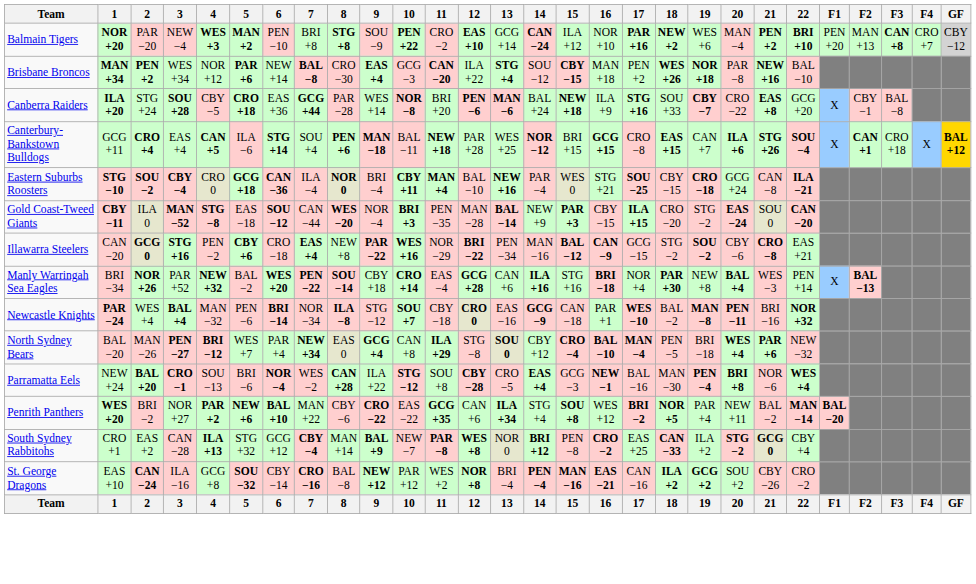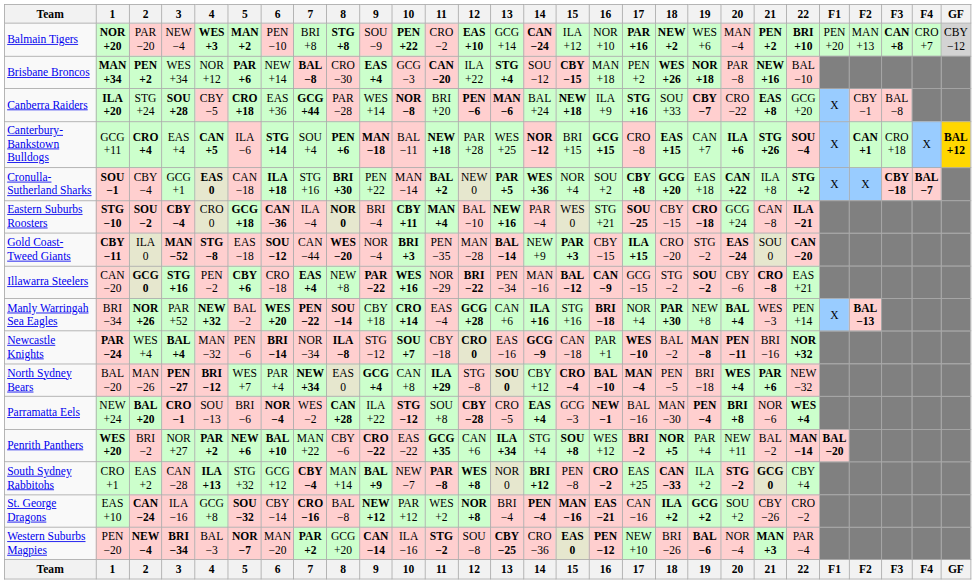 <table class="wikitable sortable" style="font-size:85%; text-align:center; width:90%">
 <tr valign="top">
 <th valign="middle">Team</th>
 <th>1</th>
 <th>2</th>
 <th>3</th>
 <th>4</th>
 <th>5</th>
 <th>6</th>
 <th>7</th>
 <th>8</th>
 <th>9</th>
 <th>10</th>
 <th>11</th>
 <th>12</th>
 <th>13</th>
 <th>14</th>
 <th>15</th>
 <th>16</th>
 <th>17</th>
 <th>18</th>
 <th>19</th>
 <th>20</th>
 <th>21</th>
 <th>22</th>
 <th>F1</th>
 <th>F2</th>
 <th>F3</th>
 <th>F4</th>
 <th>GF</th>
 </tr>
 <tr>
 <td align="left"><a href='#'>Balmain Tigers</a></td>
 <td style="background:#cfc;"><strong>NOR<br>+20</strong></td>
 <td style="background:#FFCFCF;">PAR<br>−20</td>
 <td style="background:#FFCFCF;">NEW<br>−4</td>
 <td style="background:#cfc;"><strong>WES<br>+3</strong></td>
 <td style="background:#cfc;"><strong>MAN<br>+2</strong></td>
 <td style="background:#FFCFCF;">PEN<br>−10</td>
 <td style="background:#cfc;">BRI<br>+8</td>
 <td style="background:#cfc;"><strong>STG<br>+8</strong></td>
 <td style="background:#FFCFCF;">SOU<br>−9</td>
 <td style="background:#cfc;"><strong>PEN<br>+22</strong></td>
 <td style="background:#FFCFCF;">CRO<br>−2</td>
 <td style="background:#cfc;"><strong>EAS<br>+10</strong></td>
 <td style="background:#cfc;">GCG<br>+14</td>
 <td style="background:#FFCFCF;"><strong>CAN<br>−24</strong></td>
 <td style="background:#cfc;">ILA<br>+12</td>
 <td style="background:#cfc;">NOR<br>+10</td>
 <td style="background:#cfc;"><strong>PAR<br>+16</strong></td>
 <td style="background:#cfc;"><strong>NEW<br>+2</strong></td>
 <td style="background:#cfc;">WES<br>+6</td>
 <td style="background:#FFCFCF;">MAN<br>−4</td>
 <td style="background:#cfc;"><strong>PEN<br>+2</strong></td>
 <td style="background:#cfc;"><strong>BRI<br>+10</strong></td>
 <td style="background:#cfc;">PEN<br>+20</td>
 <td style="background:#cfc;">MAN<br>+13</td>
 <td style="background:#cfc;"><strong>CAN<br>+8</strong></td>
 <td style="background:#cfc;">CRO<br>+7</td>
 <td style="background:#D3D3D3;">CBY<br>−12</td>
 </tr>
 <tr>
 <td align="left"><a href='#'>Brisbane Broncos</a></td>
 <td style="background:#cfc;"><strong>MAN<br>+34</strong></td>
 <td style="background:#cfc;"><strong>PEN<br>+2</strong></td>
 <td style="background:#cfc;">WES<br>+34</td>
 <td style="background:#cfc;">NOR<br>+12</td>
 <td style="background:#cfc;"><strong>PAR<br>+6</strong></td>
 <td style="background:#cfc;">NEW<br>+14</td>
 <td style="background:#FFCFCF;"><strong>BAL<br>−8</strong></td>
 <td style="background:#FFCFCF;">CRO<br>−30</td>
 <td style="background:#cfc;"><strong>EAS<br>+4</strong></td>
 <td style="background:#FFCFCF;">GCG<br>−3</td>
 <td style="background:#FFCFCF;"><strong>CAN<br>−20</strong></td>
 <td style="background:#cfc;">ILA<br>+22</td>
 <td style="background:#cfc;"><strong>STG<br>+4</strong></td>
 <td style="background:#FFCFCF;">SOU<br>−12</td>
 <td style="background:#FFCFCF;"><strong>CBY<br>−15</strong></td>
 <td style="background:#cfc;">MAN<br>+18</td>
 <td style="background:#cfc;">PEN<br>+2</td>
 <td style="background:#cfc;"><strong>WES<br>+26</strong></td>
 <td style="background:#cfc;"><strong>NOR<br>+18</strong></td>
 <td style="background:#FFCFCF;">PAR<br>−8</td>
 <td style="background:#cfc;"><strong>NEW<br>+16</strong></td>
 <td style="background:#FFCFCF;">BAL<br>−10</td>
 <td style="background:#808080;"></td>
 <td style="background:#808080;"></td>
 <td style="background:#808080;"></td>
 <td style="background:#808080;"></td>
 <td style="background:#808080;"></td>
 </tr>
 <tr>
 <td align="left"><a href='#'>Canberra Raiders</a></td>
 <td style="background:#cfc;"><strong>ILA<br>+20</strong></td>
 <td style="background:#cfc;">STG<br>+24</td>
 <td style="background:#cfc;"><strong>SOU<br>+28</strong></td>
 <td style="background:#FFCFCF;">CBY<br>−5</td>
 <td style="background:#cfc;"><strong>CRO<br>+18</strong></td>
 <td style="background:#cfc;">EAS<br>+36</td>
 <td style="background:#cfc;"><strong>GCG<br>+44</strong></td>
 <td style="background:#FFCFCF;">PAR<br>−28</td>
 <td style="background:#cfc;">WES<br>+14</td>
 <td style="background:#FFCFCF;"><strong>NOR<br>−8</strong></td>
 <td style="background:#cfc;">BRI<br>+20</td>
 <td style="background:#FFCFCF;"><strong>PEN<br>−6</strong></td>
 <td style="background:#FFCFCF;"><strong>MAN<br>−6</strong></td>
 <td style="background:#cfc;">BAL<br>+24</td>
 <td style="background:#cfc;"><strong>NEW<br>+18</strong></td>
 <td style="background:#cfc;">ILA<br>+9</td>
 <td style="background:#cfc;"><strong>STG<br>+16</strong></td>
 <td style="background:#cfc;">SOU<br>+33</td>
 <td style="background:#FFCFCF;"><strong>CBY<br>−7</strong></td>
 <td style="background:#FFCFCF;">CRO<br>−22</td>
 <td style="background:#cfc;"><strong>EAS<br>+8</strong></td>
 <td style="background:#cfc;">GCG<br>+20</td>
 <td style="background:#99ccff;">X</td>
 <td style="background:#FFCFCF;">CBY<br>−1</td>
 <td style="background:#FFCFCF;">BAL<br>−8</td>
 <td style="background:#808080;"></td>
 <td style="background:#808080;"></td>
 </tr>
 <tr>
 <td align="left"><a href='#'>Canterbury-Bankstown Bulldogs</a></td>
 <td style="background:#cfc;">GCG<br>+11</td>
 <td style="background:#cfc;"><strong>CRO<br>+4</strong></td>
 <td style="background:#cfc;">EAS<br>+4</td>
 <td style="background:#cfc;"><strong>CAN<br>+5</strong></td>
 <td style="background:#FFCFCF;">ILA<br>−6</td>
 <td style="background:#cfc;"><strong>STG<br>+14</strong></td>
 <td style="background:#cfc;">SOU<br>+4</td>
 <td style="background:#cfc;"><strong>PEN<br>+6</strong></td>
 <td style="background:#FFCFCF;"><strong>MAN<br>−18</strong></td>
 <td style="background:#FFCFCF;">BAL<br>−11</td>
 <td style="background:#cfc;"><strong>NEW<br>+18</strong></td>
 <td style="background:#cfc;">PAR<br>+28</td>
 <td style="background:#cfc;">WES<br>+25</td>
 <td style="background:#FFCFCF;"><strong>NOR<br>−12</strong></td>
 <td style="background:#cfc;">BRI<br>+15</td>
 <td style="background:#cfc;"><strong>GCG<br>+15</strong></td>
 <td style="background:#FFCFCF;">CRO<br>−8</td>
 <td style="background:#cfc;"><strong>EAS<br>+15</strong></td>
 <td style="background:#cfc;">CAN<br>+7</td>
 <td style="background:#cfc;"><strong>ILA<br>+6</strong></td>
 <td style="background:#cfc;"><strong>STG<br>+26</strong></td>
 <td style="background:#FFCFCF;"><strong>SOU<br>−4</strong></td>
 <td style="background:#99ccff;">X</td>
 <td style="background:#cfc;"><strong>CAN<br>+1</strong></td>
 <td style="background:#cfc;">CRO<br>+18</td>
 <td style="background:#99ccff;">X</td>
 <td style="background:#FFD700;"><strong>BAL<br>+12</strong></td>
+</tr>
+<tr>
+<td align="left"><a href='#'>Cronulla-Sutherland Sharks</a></td>
+<td style="background:#FFCFCF;"><strong>SOU<br>−1</strong></td>
+<td style="background:#FFCFCF;">CBY<br>−4</td>
+<td style="background:#cfc;">GCG<br>+1</td>
+<td style="background:#E6E7CE"><strong>EAS<br>0</strong></td>
+<td style="background:#FFCFCF;">CAN<br>−18</td>
+<td style="background:#cfc;"><strong>ILA<br>+18</strong></td>
+<td style="background:#cfc;">STG<br>+16</td>
+<td style="background:#cfc;"><strong>BRI<br>+30</strong></td>
+<td style="background:#cfc;">PEN<br>+22</td>
+<td style="background:#FFCFCF;">MAN<br>−14</td>
+<td style="background:#cfc;"><strong>BAL<br>+2</strong></td>
+<td style="background:#E6E7CE">NEW<br>0</td>
+<td style="background:#cfc;"><strong>PAR<br>+5</strong></td>
+<td style="background:#cfc;"><strong>WES<br>+36</strong></td>
+<td style="background:#cfc;">NOR<br>+4</td>
+<td style="background:#cfc;">SOU<br>+2</td>
+<td style="background:#cfc;"><strong>CBY<br>+8</strong></td>
+<td style="background:#cfc;"><strong>GCG<br>+20</strong></td>
+<td style="background:#cfc;">EAS<br>+18</td>
+<td style="background:#cfc;"><strong>CAN<br>+22</strong></td>
+<td style="background:#cfc;">ILA<br>+8</td>
+<td style="background:#cfc;"><strong>STG<br>+2</strong></td>
+<td style="background:#99ccff;">X</td>
+<td style="background:#99ccff;">X</td>
+<td style="background:#FFCFCF;"><strong>CBY<br>−18</strong></td>
+<td style="background:#FFCFCF;"><strong>BAL<br>−7</strong></td>
+<td style="background:#808080;"></td>
 </tr>
 <tr>
 <td align="left"><a href='#'>Eastern Suburbs Roosters</a></td>
 <td style="background:#FFCFCF;"><strong>STG<br>−10</strong></td>
 <td style="background:#FFCFCF;"><strong>SOU<br>−2</strong></td>
 <td style="background:#FFCFCF;"><strong>CBY<br>−4</strong></td>
 <td style="background:#E6E7CE">CRO<br>0</td>
 <td style="background:#cfc;"><strong>GCG<br>+18</strong></td>
 <td style="background:#FFCFCF;"><strong>CAN<br>−36</strong></td>
 <td style="background:#FFCFCF;">ILA<br>−4</td>
 <td style="background:#E6E7CE"><strong>NOR<br>0</strong></td>
 <td style="background:#FFCFCF;">BRI<br>−4</td>
 <td style="background:#cfc;"><strong>CBY<br>+11</strong></td>
 <td style="background:#cfc;"><strong>MAN<br>+4</strong></td>
 <td style="background:#FFCFCF;">BAL<br>−10</td>
 <td style="background:#cfc;"><strong>NEW<br>+16</strong></td>
 <td style="background:#FFCFCF;">PAR<br>−4</td>
 <td style="background:#E6E7CE">WES<br>0</td>
 <td style="background:#cfc;">STG<br>+21</td>
 <td style="background:#FFCFCF;"><strong>SOU<br>−25</strong></td>
 <td style="background:#FFCFCF;">CBY<br>−15</td>
 <td style="background:#FFCFCF;"><strong>CRO<br>−18</strong></td>
 <td style="background:#cfc;">GCG<br>+24</td>
 <td style="background:#FFCFCF;">CAN<br>−8</td>
 <td style="background:#FFCFCF;"><strong>ILA<br>−21</strong></td>
 <td style="background:#808080;"></td>
 <td style="background:#808080;"></td>
 <td style="background:#808080;"></td>
 <td style="background:#808080;"></td>
 <td style="background:#808080;"></td>
 </tr>
 <tr>
 <td align="left"><a href='#'>Gold Coast-Tweed Giants</a></td>
 <td style="background:#FFCFCF;"><strong>CBY<br>−11</strong></td>
 <td style="background:#E6E7CE">ILA<br>0</td>
 <td style="background:#FFCFCF;"><strong>MAN<br>−52</strong></td>
 <td style="background:#FFCFCF;"><strong>STG<br>−8</strong></td>
 <td style="background:#FFCFCF;">EAS<br>−18</td>
 <td style="background:#FFCFCF;"><strong>SOU<br>−12</strong></td>
 <td style="background:#FFCFCF;">CAN<br>−44</td>
 <td style="background:#FFCFCF;"><strong>WES<br>−20</strong></td>
 <td style="background:#FFCFCF;">NOR<br>−4</td>
 <td style="background:#cfc;"><strong>BRI<br>+3</strong></td>
 <td style="background:#FFCFCF;">PEN<br>−35</td>
 <td style="background:#FFCFCF;">MAN<br>−28</td>
 <td style="background:#FFCFCF;"><strong>BAL<br>−14</strong></td>
 <td style="background:#cfc;">NEW<br>+9</td>
 <td style="background:#cfc;"><strong>PAR<br>+3</strong></td>
 <td style="background:#FFCFCF;">CBY<br>−15</td>
 <td style="background:#cfc;"><strong>ILA<br>+15</strong></td>
 <td style="background:#FFCFCF;">CRO<br>−20</td>
 <td style="background:#FFCFCF;">STG<br>−2</td>
 <td style="background:#FFCFCF;"><strong>EAS<br>−24</strong></td>
 <td style="background:#E6E7CE">SOU<br>0</td>
 <td style="background:#FFCFCF;"><strong>CAN<br>−20</strong></td>
 <td style="background:#808080;"></td>
 <td style="background:#808080;"></td>
 <td style="background:#808080;"></td>
 <td style="background:#808080;"></td>
 <td style="background:#808080;"></td>
 </tr>
 <tr>
 <td align="left"><a href='#'>Illawarra Steelers</a></td>
 <td style="background:#FFCFCF;">CAN<br>−20</td>
 <td style="background:#E6E7CE"><strong>GCG<br>0</strong></td>
 <td style="background:#cfc;"><strong>STG<br>+16</strong></td>
 <td style="background:#FFCFCF;">PEN<br>−2</td>
 <td style="background:#cfc;"><strong>CBY<br>+6</strong></td>
 <td style="background:#FFCFCF;">CRO<br>−18</td>
 <td style="background:#cfc;"><strong>EAS<br>+4</strong></td>
 <td style="background:#cfc;">NEW<br>+8</td>
 <td style="background:#FFCFCF;"><strong>PAR<br>−22</strong></td>
 <td style="background:#cfc;"><strong>WES<br>+16</strong></td>
 <td style="background:#FFCFCF;">NOR<br>−29</td>
 <td style="background:#FFCFCF;"><strong>BRI<br>−22</strong></td>
 <td style="background:#FFCFCF;">PEN<br>−34</td>
 <td style="background:#FFCFCF;">MAN<br>−16</td>
 <td style="background:#FFCFCF;"><strong>BAL<br>−12</strong></td>
 <td style="background:#FFCFCF;"><strong>CAN<br>−9</strong></td>
 <td style="background:#FFCFCF;">GCG<br>−15</td>
 <td style="background:#FFCFCF;">STG<br>−2</td>
 <td style="background:#FFCFCF;"><strong>SOU<br>−2</strong></td>
 <td style="background:#FFCFCF;">CBY<br>−6</td>
 <td style="background:#FFCFCF;"><strong>CRO<br>−8</strong></td>
 <td style="background:#cfc;">EAS<br>+21</td>
 <td style="background:#808080;"></td>
 <td style="background:#808080;"></td>
 <td style="background:#808080;"></td>
 <td style="background:#808080;"></td>
 <td style="background:#808080;"></td>
 </tr>
 <tr>
 <td align="left"><a href='#'>Manly Warringah Sea Eagles</a></td>
 <td style="background:#FFCFCF;">BRI<br>−34</td>
 <td style="background:#cfc;"><strong>NOR<br>+26</strong></td>
 <td style="background:#cfc;">PAR<br>+52</td>
 <td style="background:#cfc;"><strong>NEW<br>+32</strong></td>
 <td style="background:#FFCFCF;">BAL<br>−2</td>
 <td style="background:#cfc;"><strong>WES<br>+20</strong></td>
 <td style="background:#FFCFCF;"><strong>PEN<br>−22</strong></td>
 <td style="background:#FFCFCF;"><strong>SOU<br>−14</strong></td>
 <td style="background:#cfc;">CBY<br>+18</td>
 <td style="background:#cfc;"><strong>CRO<br>+14</strong></td>
 <td style="background:#FFCFCF;">EAS<br>−4</td>
 <td style="background:#cfc;"><strong>GCG<br>+28</strong></td>
 <td style="background:#cfc;">CAN<br>+6</td>
 <td style="background:#cfc;"><strong>ILA<br>+16</strong></td>
 <td style="background:#cfc;">STG<br>+16</td>
 <td style="background:#FFCFCF;"><strong>BRI<br>−18</strong></td>
 <td style="background:#cfc;">NOR<br>+4</td>
 <td style="background:#cfc;"><strong>PAR<br>+30</strong></td>
 <td style="background:#cfc;">NEW<br>+8</td>
 <td style="background:#cfc;"><strong>BAL<br>+4</strong></td>
 <td style="background:#FFCFCF;">WES<br>−3</td>
 <td style="background:#cfc;">PEN<br>+14</td>
 <td style="background:#99ccff;">X</td>
 <td style="background:#FFCFCF;"><strong>BAL<br>−13</strong></td>
 <td style="background:#808080;"></td>
 <td style="background:#808080;"></td>
 <td style="background:#808080;"></td>
 </tr>
 <tr>
 <td align="left"><a href='#'>Newcastle Knights</a></td>
 <td style="background:#FFCFCF;"><strong>PAR<br>−24</strong></td>
 <td style="background:#cfc;">WES<br>+4</td>
 <td style="background:#cfc;"><strong>BAL<br>+4</strong></td>
 <td style="background:#FFCFCF;">MAN<br>−32</td>
 <td style="background:#FFCFCF;">PEN<br>−6</td>
 <td style="background:#FFCFCF;"><strong>BRI<br>−14</strong></td>
 <td style="background:#FFCFCF;">NOR<br>−34</td>
 <td style="background:#FFCFCF;"><strong>ILA<br>−8</strong></td>
 <td style="background:#FFCFCF;">STG<br>−12</td>
 <td style="background:#cfc;"><strong>SOU<br>+7</strong></td>
 <td style="background:#FFCFCF;">CBY<br>−18</td>
 <td style="background:#E6E7CE"><strong>CRO<br>0</strong></td>
 <td style="background:#FFCFCF;">EAS<br>−16</td>
 <td style="background:#FFCFCF;"><strong>GCG<br>−9</strong></td>
 <td style="background:#FFCFCF;">CAN<br>−18</td>
 <td style="background:#cfc;">PAR<br>+1</td>
 <td style="background:#FFCFCF;"><strong>WES<br>−10</strong></td>
 <td style="background:#FFCFCF;">BAL<br>−2</td>
 <td style="background:#FFCFCF;"><strong>MAN<br>−8</strong></td>
 <td style="background:#FFCFCF;"><strong>PEN<br>−11</strong></td>
 <td style="background:#FFCFCF;">BRI<br>−16</td>
 <td style="background:#cfc;"><strong>NOR<br>+32</strong></td>
 <td style="background:#808080;"></td>
 <td style="background:#808080;"></td>
 <td style="background:#808080;"></td>
 <td style="background:#808080;"></td>
 <td style="background:#808080;"></td>
 </tr>
 <tr>
 <td align="left"><a href='#'>North Sydney Bears</a></td>
 <td style="background:#FFCFCF;">BAL<br>−20</td>
 <td style="background:#FFCFCF;">MAN<br>−26</td>
 <td style="background:#FFCFCF;"><strong>PEN<br>−27</strong></td>
 <td style="background:#FFCFCF;"><strong>BRI<br>−12</strong></td>
 <td style="background:#cfc;">WES<br>+7</td>
 <td style="background:#cfc;">PAR<br>+4</td>
 <td style="background:#cfc;"><strong>NEW<br>+34</strong></td>
 <td style="background:#E6E7CE">EAS<br>0</td>
 <td style="background:#cfc;"><strong>GCG<br>+4</strong></td>
 <td style="background:#cfc;">CAN<br>+8</td>
 <td style="background:#cfc;"><strong>ILA<br>+29</strong></td>
 <td style="background:#FFCFCF;">STG<br>−8</td>
 <td style="background:#E6E7CE"><strong>SOU<br>0</strong></td>
 <td style="background:#cfc;">CBY<br>+12</td>
 <td style="background:#FFCFCF;"><strong>CRO<br>−4</strong></td>
 <td style="background:#FFCFCF;"><strong>BAL<br>−10</strong></td>
 <td style="background:#FFCFCF;"><strong>MAN<br>−4</strong></td>
 <td style="background:#FFCFCF;">PEN<br>−5</td>
 <td style="background:#FFCFCF;">BRI<br>−18</td>
 <td style="background:#cfc;"><strong>WES<br>+4</strong></td>
 <td style="background:#cfc;"><strong>PAR<br>+6</strong></td>
 <td style="background:#FFCFCF;">NEW<br>−32</td>
 <td style="background:#808080;"></td>
 <td style="background:#808080;"></td>
 <td style="background:#808080;"></td>
 <td style="background:#808080;"></td>
 <td style="background:#808080;"></td>
 </tr>
 <tr>
 <td align="left"><a href='#'>Parramatta Eels</a></td>
 <td style="background:#cfc;">NEW<br>+24</td>
 <td style="background:#cfc;"><strong>BAL<br>+20</strong></td>
 <td style="background:#FFCFCF;"><strong>CRO<br>−1</strong></td>
 <td style="background:#FFCFCF;">SOU<br>−13</td>
 <td style="background:#FFCFCF;">BRI<br>−6</td>
 <td style="background:#FFCFCF;"><strong>NOR<br>−4</strong></td>
 <td style="background:#FFCFCF;">WES<br>−2</td>
 <td style="background:#cfc;"><strong>CAN<br>+28</strong></td>
 <td style="background:#cfc;">ILA<br>+22</td>
 <td style="background:#FFCFCF;"><strong>STG<br>−12</strong></td>
 <td style="background:#cfc;">SOU<br>+8</td>
 <td style="background:#FFCFCF;"><strong>CBY<br>−28</strong></td>
 <td style="background:#FFCFCF;">CRO<br>−5</td>
 <td style="background:#cfc;"><strong>EAS<br>+4</strong></td>
 <td style="background:#FFCFCF;">GCG<br>−3</td>
 <td style="background:#FFCFCF;"><strong>NEW<br>−1</strong></td>
 <td style="background:#FFCFCF;">BAL<br>−16</td>
 <td style="background:#FFCFCF;">MAN<br>−30</td>
 <td style="background:#FFCFCF;"><strong>PEN<br>−4</strong></td>
 <td style="background:#cfc;"><strong>BRI<br>+8</strong></td>
 <td style="background:#FFCFCF;">NOR<br>−6</td>
 <td style="background:#cfc;"><strong>WES<br>+4</strong></td>
 <td style="background:#808080;"></td>
 <td style="background:#808080;"></td>
 <td style="background:#808080;"></td>
 <td style="background:#808080;"></td>
 <td style="background:#808080;"></td>
 </tr>
 <tr>
 <td align="left"><a href='#'>Penrith Panthers</a></td>
 <td style="background:#cfc;"><strong>WES<br>+20</strong></td>
 <td style="background:#FFCFCF;">BRI<br>−2</td>
 <td style="background:#cfc;">NOR<br>+27</td>
 <td style="background:#cfc;"><strong>PAR<br>+2</strong></td>
 <td style="background:#cfc;"><strong>NEW<br>+6</strong></td>
 <td style="background:#cfc;"><strong>BAL<br>+10</strong></td>
 <td style="background:#cfc;">MAN<br>+22</td>
 <td style="background:#FFCFCF;">CBY<br>−6</td>
 <td style="background:#FFCFCF;"><strong>CRO<br>−22</strong></td>
 <td style="background:#FFCFCF;">EAS<br>−22</td>
 <td style="background:#cfc;"><strong>GCG<br>+35</strong></td>
 <td style="background:#cfc;">CAN<br>+6</td>
 <td style="background:#cfc;"><strong>ILA<br>+34</strong></td>
 <td style="background:#cfc;">STG<br>+4</td>
 <td style="background:#cfc;"><strong>SOU<br>+8</strong></td>
 <td style="background:#cfc;">WES<br>+12</td>
 <td style="background:#FFCFCF;"><strong>BRI<br>−2</strong></td>
 <td style="background:#cfc;"><strong>NOR<br>+5</strong></td>
 <td style="background:#cfc;">PAR<br>+4</td>
 <td style="background:#cfc;">NEW<br>+11</td>
 <td style="background:#FFCFCF;">BAL<br>−2</td>
 <td style="background:#FFCFCF;"><strong>MAN<br>−14</strong></td>
 <td style="background:#FFCFCF;"><strong>BAL<br>−20</strong></td>
 <td style="background:#808080;"></td>
 <td style="background:#808080;"></td>
 <td style="background:#808080;"></td>
 <td style="background:#808080;"></td>
 </tr>
 <tr>
 <td align="left"><a href='#'>South Sydney Rabbitohs</a></td>
 <td style="background:#cfc;">CRO<br>+1</td>
 <td style="background:#cfc;">EAS<br>+2</td>
 <td style="background:#FFCFCF;">CAN<br>−28</td>
 <td style="background:#cfc;"><strong>ILA<br>+13</strong></td>
 <td style="background:#cfc;">STG<br>+32</td>
 <td style="background:#cfc;">GCG<br>+12</td>
 <td style="background:#FFCFCF;"><strong>CBY<br>−4</strong></td>
 <td style="background:#cfc;">MAN<br>+14</td>
 <td style="background:#cfc;"><strong>BAL<br>+9</strong></td>
 <td style="background:#FFCFCF;">NEW<br>−7</td>
 <td style="background:#FFCFCF;"><strong>PAR<br>−8</strong></td>
 <td style="background:#cfc;"><strong>WES<br>+8</strong></td>
 <td style="background:#E6E7CE">NOR<br>0</td>
 <td style="background:#cfc;"><strong>BRI<br>+12</strong></td>
 <td style="background:#FFCFCF;">PEN<br>−8</td>
 <td style="background:#FFCFCF;"><strong>CRO<br>−2</strong></td>
 <td style="background:#cfc;">EAS<br>+25</td>
 <td style="background:#FFCFCF;"><strong>CAN<br>−33</strong></td>
 <td style="background:#cfc;">ILA<br>+2</td>
 <td style="background:#FFCFCF;"><strong>STG<br>−2</strong></td>
 <td style="background:#E6E7CE"><strong>GCG<br>0</strong></td>
 <td style="background:#cfc;">CBY<br>+4</td>
 <td style="background:#808080;"></td>
 <td style="background:#808080;"></td>
 <td style="background:#808080;"></td>
 <td style="background:#808080;"></td>
 <td style="background:#808080;"></td>
 </tr>
 <tr>
 <td align="left"><a href='#'>St. George Dragons</a></td>
 <td style="background:#cfc;">EAS<br>+10</td>
 <td style="background:#FFCFCF;"><strong>CAN<br>−24</strong></td>
 <td style="background:#FFCFCF;">ILA<br>−16</td>
 <td style="background:#cfc;">GCG<br>+8</td>
 <td style="background:#FFCFCF;"><strong>SOU<br>−32</strong></td>
 <td style="background:#FFCFCF;">CBY<br>−14</td>
 <td style="background:#FFCFCF;"><strong>CRO<br>−16</strong></td>
 <td style="background:#FFCFCF;">BAL<br>−8</td>
 <td style="background:#cfc;"><strong>NEW<br>+12</strong></td>
 <td style="background:#cfc;">PAR<br>+12</td>
 <td style="background:#cfc;">WES<br>+2</td>
 <td style="background:#cfc;"><strong>NOR<br>+8</strong></td>
 <td style="background:#FFCFCF;">BRI<br>−4</td>
 <td style="background:#FFCFCF;"><strong>PEN<br>−4</strong></td>
 <td style="background:#FFCFCF;"><strong>MAN<br>−16</strong></td>
 <td style="background:#FFCFCF;"><strong>EAS<br>−21</strong></td>
 <td style="background:#FFCFCF;">CAN<br>−16</td>
 <td style="background:#cfc;"><strong>ILA<br>+2</strong></td>
 <td style="background:#cfc;"><strong>GCG<br>+2</strong></td>
 <td style="background:#cfc;">SOU<br>+2</td>
 <td style="background:#FFCFCF;">CBY<br>−26</td>
 <td style="background:#FFCFCF;">CRO<br>−2</td>
 <td style="background:#808080;"></td>
 <td style="background:#808080;"></td>
 <td style="background:#808080;"></td>
 <td style="background:#808080;"></td>
 <td style="background:#808080;"></td>
 </tr>
+<tr>
+<td align="left"><a href='#'>Western Suburbs Magpies</a></td>
+<td style="background:#FFCFCF;">PEN<br>−20</td>
+<td style="background:#FFCFCF;"><strong>NEW<br>−4</strong></td>
+<td style="background:#FFCFCF;"><strong>BRI<br>−34</strong></td>
+<td style="background:#FFCFCF;">BAL<br>−3</td>
+<td style="background:#FFCFCF;"><strong>NOR<br>−7</strong></td>
+<td style="background:#FFCFCF;">MAN<br>−20</td>
+<td style="background:#cfc;"><strong>PAR<br>+2</strong></td>
+<td style="background:#cfc;">GCG<br>+20</td>
+<td style="background:#FFCFCF;"><strong>CAN<br>−14</strong></td>
+<td style="background:#FFCFCF;">ILA<br>−16</td>
+<td style="background:#FFCFCF;"><strong>STG<br>−2</strong></td>
+<td style="background:#FFCFCF;">SOU<br>−8</td>
+<td style="background:#FFCFCF;"><strong>CBY<br>−25</strong></td>
+<td style="background:#FFCFCF;">CRO<br>−36</td>
+<td style="background:#E6E7CE"><strong>EAS<br>0</strong></td>
+<td style="background:#FFCFCF;"><strong>PEN<br>−12</strong></td>
+<td style="background:#cfc;">NEW<br>+10</td>
+<td style="background:#FFCFCF;">BRI<br>−26</td>
+<td style="background:#FFCFCF;"><strong>BAL<br>−6</strong></td>
+<td style="background:#FFCFCF;">NOR<br>−4</td>
+<td style="background:#cfc;"><strong>MAN<br>+3</strong></td>
+<td style="background:#FFCFCF;">PAR<br>−4</td>
+<td style="background:#808080;"></td>
+<td style="background:#808080;"></td>
+<td style="background:#808080;"></td>
+<td style="background:#808080;"></td>
+<td style="background:#808080;"></td>
+</tr>
 <tr valign="top">
 <th valign="middle">Team</th>
 <th>1</th>
 <th>2</th>
 <th>3</th>
 <th>4</th>
 <th>5</th>
 <th>6</th>
 <th>7</th>
 <th>8</th>
 <th>9</th>
 <th>10</th>
 <th>11</th>
 <th>12</th>
 <th>13</th>
 <th>14</th>
 <th>15</th>
 <th>16</th>
 <th>17</th>
 <th>18</th>
 <th>19</th>
 <th>20</th>
 <th>21</th>
 <th>22</th>
 <th>F1</th>
 <th>F2</th>
 <th>F3</th>
 <th>F4</th>
 <th>GF</th>
 </tr>
 </table>
